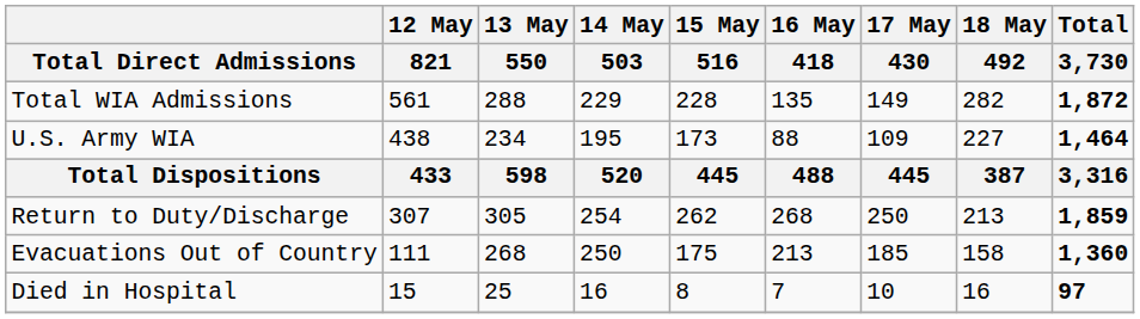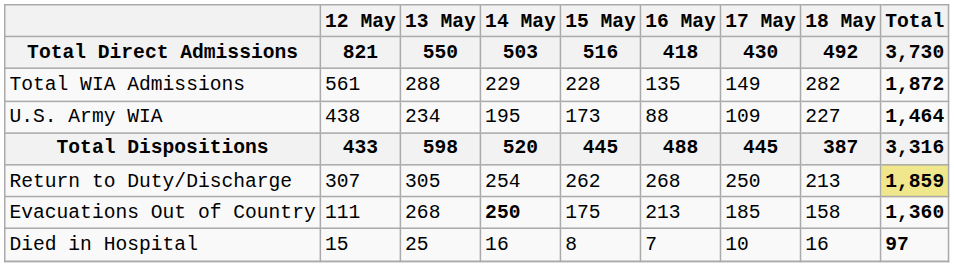 <table class="wikitable">
 <tr>
 <th></th>
 <th>12 May</th>
 <th>13 May</th>
 <th>14 May</th>
 <th>15 May</th>
 <th>16 May</th>
 <th>17 May</th>
 <th>18 May</th>
 <th>Total</th>
 </tr>
 <tr>
 <th>Total Direct Admissions</th>
 <th>821</th>
 <th>550</th>
 <th>503</th>
 <th>516</th>
 <th>418</th>
 <th>430</th>
 <th>492</th>
 <th>3,730</th>
 </tr>
 <tr>
 <td>Total WIA Admissions</td>
 <td>561</td>
 <td>288</td>
 <td>229</td>
 <td>228</td>
 <td>135</td>
 <td>149</td>
 <td>282</td>
 <td><strong>1,872</strong></td>
 </tr>
 <tr>
 <td>U.S. Army WIA</td>
 <td>438</td>
 <td>234</td>
 <td>195</td>
 <td>173</td>
 <td>88</td>
 <td>109</td>
 <td>227</td>
 <td><strong>1,464</strong></td>
 </tr>
 <tr>
 <th>Total Dispositions</th>
 <th>433</th>
 <th>598</th>
 <th>520</th>
 <th>445</th>
 <th>488</th>
 <th>445</th>
 <th>387</th>
 <th>3,316</th>
 </tr>
 <tr>
 <td>Return to Duty/Discharge</td>
 <td>307</td>
 <td>305</td>
 <td>254</td>
 <td>262</td>
 <td>268</td>
 <td>250</td>
 <td>213</td>
-<td><strong>1,859</strong></td>
+<td style="background: khaki;"><strong>1,859</strong></td>
 </tr>
 <tr ||>
 <td>Evacuations Out of Country</td>
 <td>111</td>
 <td>268</td>
-<td>250</td>
+<td><strong>250</strong></td>
 <td>175</td>
 <td>213</td>
 <td>185</td>
 <td>158</td>
 <td><strong>1,360</strong></td>
 </tr>
 <tr>
 <td>Died in Hospital</td>
 <td>15</td>
 <td>25</td>
 <td>16</td>
 <td>8</td>
 <td>7</td>
 <td>10</td>
 <td>16</td>
 <td><strong>97</strong></td>
 </tr>
 <tr>
 </tr>
 </table>
